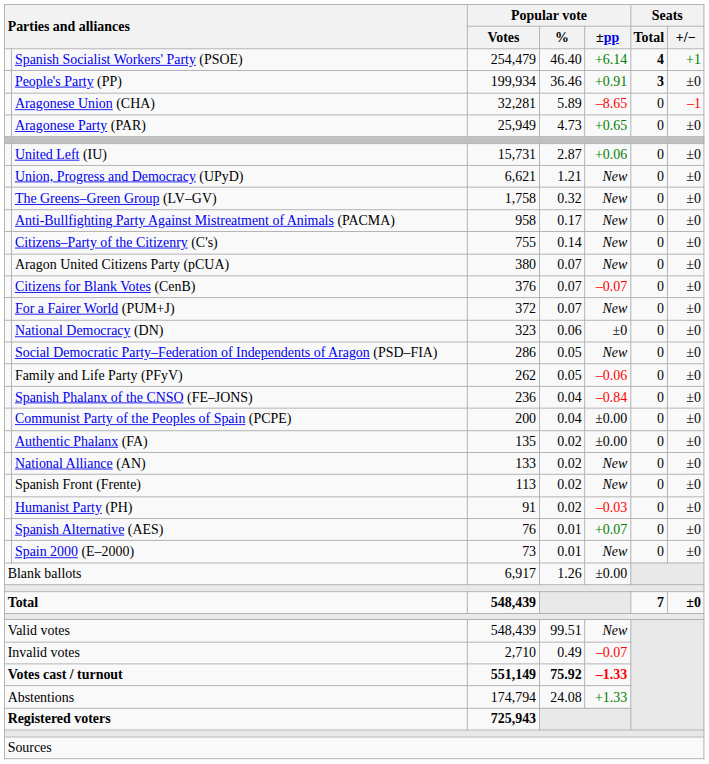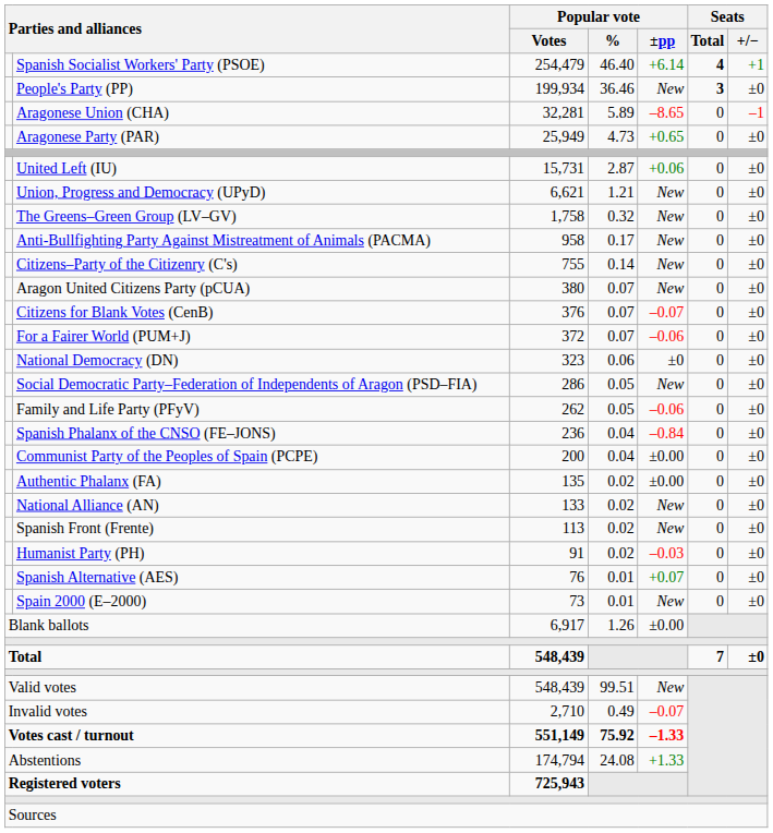 <table class="wikitable" style="text-align:right;">
 <tr>
 <th style="text-align:left;" rowspan="2" colspan="2" width="525">Parties and alliances</th>
 <th colspan="3">Popular vote</th>
 <th colspan="2">Seats</th>
 </tr>
 <tr>
 <th width="75">Votes</th>
 <th width="45">%</th>
 <th width="45">±<a href='#'>pp</a></th>
 <th width="35">Total</th>
 <th width="35">+/−</th>
 </tr>
 <tr>
 <td width="1" style="color:inherit;background:"></td>
 <td align="left"><a href='#'>Spanish Socialist Workers' Party</a> (PSOE)</td>
 <td>254,479</td>
 <td>46.40</td>
 <td style="color:green;">+6.14</td>
 <td><strong>4</strong></td>
 <td style="color:green;">+1</td>
 </tr>
 <tr>
 <td style="color:inherit;background:"></td>
 <td align="left"><a href='#'>People's Party</a> (PP)</td>
 <td>199,934</td>
 <td>36.46</td>
-<td style="color:green;">+0.91</td>
+<td><em>New</em></td>
 <td><strong>3</strong></td>
 <td>±0</td>
 </tr>
 <tr>
 <td style="color:inherit;background:"></td>
 <td align="left"><a href='#'>Aragonese Union</a> (CHA)</td>
 <td>32,281</td>
 <td>5.89</td>
 <td style="color:red;">–8.65</td>
 <td>0</td>
 <td style="color:red;">–1</td>
 </tr>
 <tr>
 <td style="color:inherit;background:"></td>
 <td align="left"><a href='#'>Aragonese Party</a> (PAR)</td>
 <td>25,949</td>
 <td>4.73</td>
 <td style="color:green;">+0.65</td>
 <td>0</td>
 <td>±0</td>
 </tr>
 <tr>
 <td colspan="7" bgcolor="#C0C0C0"></td>
 </tr>
 <tr>
 <td style="color:inherit;background:"></td>
 <td align="left"><a href='#'>United Left</a> (IU)</td>
 <td>15,731</td>
 <td>2.87</td>
 <td style="color:green;">+0.06</td>
 <td>0</td>
 <td>±0</td>
 </tr>
 <tr>
 <td style="color:inherit;background:"></td>
 <td align="left"><a href='#'>Union, Progress and Democracy</a> (UPyD)</td>
 <td>6,621</td>
 <td>1.21</td>
 <td><em>New</em></td>
 <td>0</td>
 <td>±0</td>
 </tr>
 <tr>
 <td style="color:inherit;background:"></td>
 <td align="left"><a href='#'>The Greens–Green Group</a> (LV–GV)</td>
 <td>1,758</td>
 <td>0.32</td>
 <td><em>New</em></td>
 <td>0</td>
 <td>±0</td>
 </tr>
 <tr>
 <td style="color:inherit;background:"></td>
 <td align="left"><a href='#'>Anti-Bullfighting Party Against Mistreatment of Animals</a> (PACMA)</td>
 <td>958</td>
 <td>0.17</td>
 <td><em>New</em></td>
 <td>0</td>
 <td>±0</td>
 </tr>
 <tr>
 <td style="color:inherit;background:"></td>
 <td align="left"><a href='#'>Citizens–Party of the Citizenry</a> (C's)</td>
 <td>755</td>
 <td>0.14</td>
 <td><em>New</em></td>
 <td>0</td>
 <td>±0</td>
 </tr>
 <tr>
 <td style="color:inherit;background:"></td>
 <td align="left">Aragon United Citizens Party (pCUA)</td>
 <td>380</td>
 <td>0.07</td>
 <td><em>New</em></td>
 <td>0</td>
 <td>±0</td>
 </tr>
 <tr>
 <td style="color:inherit;background:"></td>
 <td align="left"><a href='#'>Citizens for Blank Votes</a> (CenB)</td>
 <td>376</td>
 <td>0.07</td>
 <td style="color:red;">–0.07</td>
 <td>0</td>
 <td>±0</td>
 </tr>
 <tr>
 <td style="color:inherit;background:"></td>
 <td align="left"><a href='#'>For a Fairer World</a> (PUM+J)</td>
 <td>372</td>
 <td>0.07</td>
-<td><em>New</em></td>
+<td style="color:red;">–0.06</td>
 <td>0</td>
 <td>±0</td>
 </tr>
 <tr>
 <td style="color:inherit;background:"></td>
 <td align="left"><a href='#'>National Democracy</a> (DN)</td>
 <td>323</td>
 <td>0.06</td>
 <td>±0</td>
 <td>0</td>
 <td>±0</td>
 </tr>
 <tr>
 <td style="color:inherit;background:"></td>
 <td align="left"><a href='#'>Social Democratic Party–Federation of Independents of Aragon</a> (PSD–FIA)</td>
 <td>286</td>
 <td>0.05</td>
 <td><em>New</em></td>
 <td>0</td>
 <td>±0</td>
 </tr>
 <tr>
 <td style="color:inherit;background:"></td>
 <td align="left">Family and Life Party (PFyV)</td>
 <td>262</td>
 <td>0.05</td>
 <td style="color:red;">–0.06</td>
 <td>0</td>
 <td>±0</td>
 </tr>
 <tr>
 <td style="color:inherit;background:"></td>
 <td align="left"><a href='#'>Spanish Phalanx of the CNSO</a> (FE–JONS)</td>
 <td>236</td>
 <td>0.04</td>
 <td style="color:red;">–0.84</td>
 <td>0</td>
 <td>±0</td>
 </tr>
 <tr>
 <td style="color:inherit;background:"></td>
 <td align="left"><a href='#'>Communist Party of the Peoples of Spain</a> (PCPE)</td>
 <td>200</td>
 <td>0.04</td>
 <td>±0.00</td>
 <td>0</td>
 <td>±0</td>
 </tr>
 <tr>
 <td style="color:inherit;background:"></td>
 <td align="left"><a href='#'>Authentic Phalanx</a> (FA)</td>
 <td>135</td>
 <td>0.02</td>
 <td>±0.00</td>
 <td>0</td>
 <td>±0</td>
 </tr>
 <tr>
 <td style="color:inherit;background:"></td>
 <td align="left"><a href='#'>National Alliance</a> (AN)</td>
 <td>133</td>
 <td>0.02</td>
 <td><em>New</em></td>
 <td>0</td>
 <td>±0</td>
 </tr>
 <tr>
 <td style="color:inherit;background:"></td>
 <td align="left">Spanish Front (Frente)</td>
 <td>113</td>
 <td>0.02</td>
 <td><em>New</em></td>
 <td>0</td>
 <td>±0</td>
 </tr>
 <tr>
 <td style="color:inherit;background:"></td>
 <td align="left"><a href='#'>Humanist Party</a> (PH)</td>
 <td>91</td>
 <td>0.02</td>
 <td style="color:red;">–0.03</td>
 <td>0</td>
 <td>±0</td>
 </tr>
 <tr>
 <td style="color:inherit;background:"></td>
 <td align="left"><a href='#'>Spanish Alternative</a> (AES)</td>
 <td>76</td>
 <td>0.01</td>
 <td style="color:green;">+0.07</td>
 <td>0</td>
 <td>±0</td>
 </tr>
 <tr>
 <td style="color:inherit;background:"></td>
 <td align="left"><a href='#'>Spain 2000</a> (E–2000)</td>
 <td>73</td>
 <td>0.01</td>
 <td><em>New</em></td>
 <td>0</td>
 <td>±0</td>
 </tr>
 <tr>
 <td align="left" colspan="2">Blank ballots</td>
 <td>6,917</td>
 <td>1.26</td>
 <td>±0.00</td>
 <td bgcolor="#E9E9E9" colspan="2"></td>
 </tr>
 <tr>
 <td colspan="7" bgcolor="#E9E9E9"></td>
 </tr>
 <tr style="font-weight:bold;">
 <td align="left" colspan="2">Total</td>
 <td>548,439</td>
 <td bgcolor="#E9E9E9" colspan="2"></td>
 <td>7</td>
 <td>±0</td>
 </tr>
 <tr>
 <td colspan="7" bgcolor="#E9E9E9"></td>
 </tr>
 <tr>
 <td align="left" colspan="2">Valid votes</td>
 <td>548,439</td>
 <td>99.51</td>
 <td><em>New</em></td>
 <td bgcolor="#E9E9E9" colspan="2" rowspan="5"></td>
 </tr>
 <tr>
 <td align="left" colspan="2">Invalid votes</td>
 <td>2,710</td>
 <td>0.49</td>
 <td style="color:red;">–0.07</td>
 </tr>
 <tr style="font-weight:bold;">
 <td align="left" colspan="2">Votes cast / turnout</td>
 <td>551,149</td>
 <td>75.92</td>
 <td style="color:red;">–1.33</td>
 </tr>
 <tr>
 <td align="left" colspan="2">Abstentions</td>
 <td>174,794</td>
 <td>24.08</td>
 <td style="color:green;">+1.33</td>
 </tr>
 <tr style="font-weight:bold;">
 <td align="left" colspan="2">Registered voters</td>
 <td>725,943</td>
 <td bgcolor="#E9E9E9" colspan="2"></td>
 </tr>
 <tr>
 <td colspan="7" bgcolor="#E9E9E9"></td>
 </tr>
 <tr>
 <td align="left" colspan="7">Sources</td>
 </tr>
 </table>
